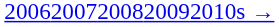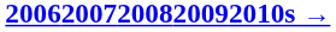 <table id=toc class=toc summary=Contents>
 <tr>
 <th></th>
 </tr>
 <tr>
-<td align=center><a href='#'>2006</a><a href='#'>2007</a><a href='#'>2008</a><a href='#'>2009</a><a href='#'>2010s →</a></td>
+<td align=center><strong><a href='#'>2006</a><a href='#'>2007</a><a href='#'>2008</a><a href='#'>2009</a><a href='#'>2010s →</a></strong></td>
 </tr>
 </table>
